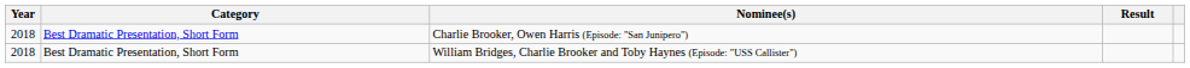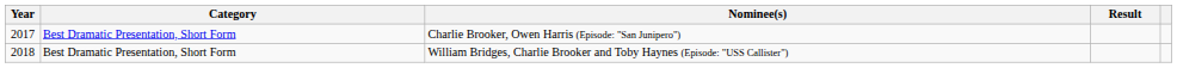 <table class="wikitable sortable" style="width:98%; summary:Black Mirror won zero of two awards.">
 <tr>
 <th scope="col" style="width:3%;">Year</th>
 <th scope="col" style="width:33%;">Category</th>
 <th>Nominee(s)</th>
 <th scope="col" style="width:6%;">Result</th>
 <th scope="col" class="unsortable" style="width:1%;"></th>
 </tr>
 <tr>
-<td style="text-align: center;">2018</td>
+<td style="text-align: center;">2017</td>
 <td><a href='#'>Best Dramatic Presentation, Short Form</a></td>
 <td>Charlie Brooker, Owen Harris <small>(Episode: "San Junipero")</small></td>
 <td></td>
 <td align="center"></td>
 </tr>
 <tr>
 <td style="text-align: center;">2018</td>
 <td>Best Dramatic Presentation, Short Form</td>
 <td>William Bridges, Charlie Brooker and Toby Haynes <small>(Episode: "USS Callister")</small></td>
 <td></td>
 <td align="center"></td>
 </tr>
 </table>
